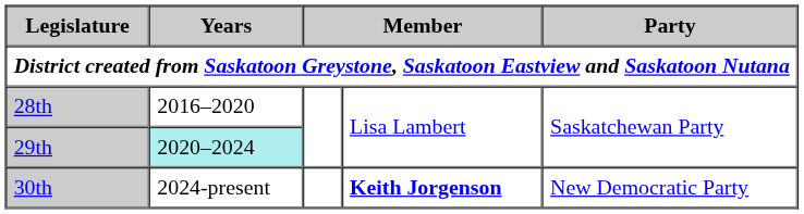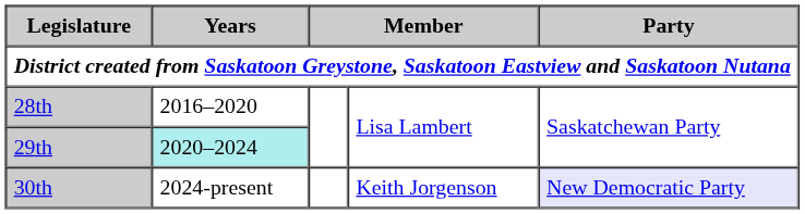 <table border=1 cellpadding=5 cellspacing=0>
 <tr bgcolor="CCCCCC">
 <th>Legislature</th>
 <th>Years</th>
 <th colspan="2">Member</th>
 <th>Party</th>
 </tr>
 <tr>
 <td colspan="5" align="center"><strong><em>District created from <a href='#'>Saskatoon Greystone</a>, <a href='#'>Saskatoon Eastview</a> and <a href='#'>Saskatoon Nutana</a></em></strong></td>
 </tr>
 <tr>
 <td bgcolor="CCCCCC"><a href='#'>28th</a></td>
 <td>2016–2020</td>
 <td rowspan=2 >   </td>
 <td rowspan=2><a href='#'>Lisa Lambert</a></td>
 <td rowspan=2><a href='#'>Saskatchewan Party</a></td>
 </tr>
 <tr>
 <td bgcolor="CCCCCC"><a href='#'>29th</a></td>
 <td style="background: paleturquoise;">2020–2024</td>
 </tr>
 <tr>
 <td bgcolor="CCCCCC"><a href='#'>30th</a></td>
 <td>2024-present</td>
 <td>   </td>
-<td><strong><a href='#'>Keith Jorgenson</a></strong></td>
-<td><a href='#'>New Democratic Party</a></td>
+<td><a href='#'>Keith Jorgenson</a></td>
+<td style="background: lavender;"><a href='#'>New Democratic Party</a></td>
 </tr>
 </table>
